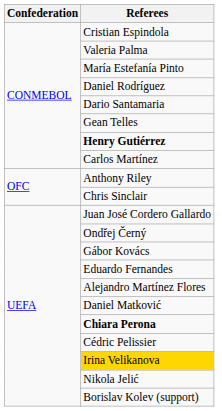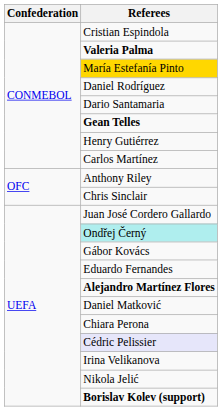 <table class="wikitable">
 <tr>
 <th>Confederation</th>
 <th>Referees</th>
 </tr>
 <tr>
 <td rowspan="8"><a href='#'>CONMEBOL</a></td>
 <td> Cristian Espindola</td>
 </tr>
 <tr>
-<td> Valeria Palma</td>
+<td><strong> Valeria Palma</strong></td>
 </tr>
 <tr>
-<td> María Estefanía Pinto</td>
+<td style="background: gold;"> María Estefanía Pinto</td>
 </tr>
 <tr>
 <td> Daniel Rodríguez</td>
 </tr>
 <tr>
 <td> Dario Santamaria</td>
 </tr>
 <tr>
-<td> Gean Telles</td>
+<td><strong> Gean Telles</strong></td>
 </tr>
 <tr>
-<td><strong> Henry Gutiérrez</strong></td>
+<td> Henry Gutiérrez</td>
 </tr>
 <tr>
 <td> Carlos Martínez</td>
 </tr>
 <tr>
 <td rowspan="2"><a href='#'>OFC</a></td>
 <td> Anthony Riley</td>
 </tr>
 <tr>
 <td> Chris Sinclair</td>
 </tr>
 <tr>
 <td rowspan="11"><a href='#'>UEFA</a></td>
 <td> Juan José Cordero Gallardo</td>
 </tr>
 <tr>
-<td> Ondřej Černý</td>
+<td style="background: paleturquoise;"> Ondřej Černý</td>
 </tr>
 <tr>
 <td> Gábor Kovács</td>
 </tr>
 <tr>
 <td> Eduardo Fernandes</td>
 </tr>
 <tr>
-<td> Alejandro Martínez Flores</td>
+<td><strong> Alejandro Martínez Flores</strong></td>
 </tr>
 <tr>
 <td> Daniel Matković</td>
 </tr>
 <tr>
-<td><strong> Chiara Perona</strong></td>
+<td> Chiara Perona</td>
 </tr>
 <tr>
-<td> Cédric Pelissier</td>
+<td style="background: lavender;"> Cédric Pelissier</td>
 </tr>
 <tr>
-<td style="background: gold;"> Irina Velikanova</td>
+<td> Irina Velikanova</td>
 </tr>
 <tr>
 <td> Nikola Jelić</td>
 </tr>
 <tr>
-<td> Borislav Kolev (support)</td>
+<td><strong> Borislav Kolev (support)</strong></td>
 </tr>
 </table>
